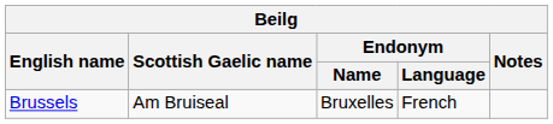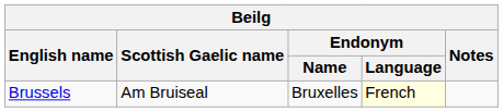 <table class="wikitable sortable">
 <tr>
 <th colspan="5"> Beilg</th>
 </tr>
 <tr>
 <th rowspan="2">English name</th>
 <th rowspan="2">Scottish Gaelic name</th>
 <th colspan="2">Endonym</th>
 <th rowspan="2">Notes</th>
 </tr>
 <tr>
 <th>Name</th>
 <th>Language</th>
 </tr>
 <tr>
 <td><a href='#'>Brussels</a></td>
 <td>Am Bruiseal</td>
 <td>Bruxelles</td>
-<td>French</td>
+<td style="background: lightyellow;">French</td>
 <td></td>
 </tr>
 </table>
